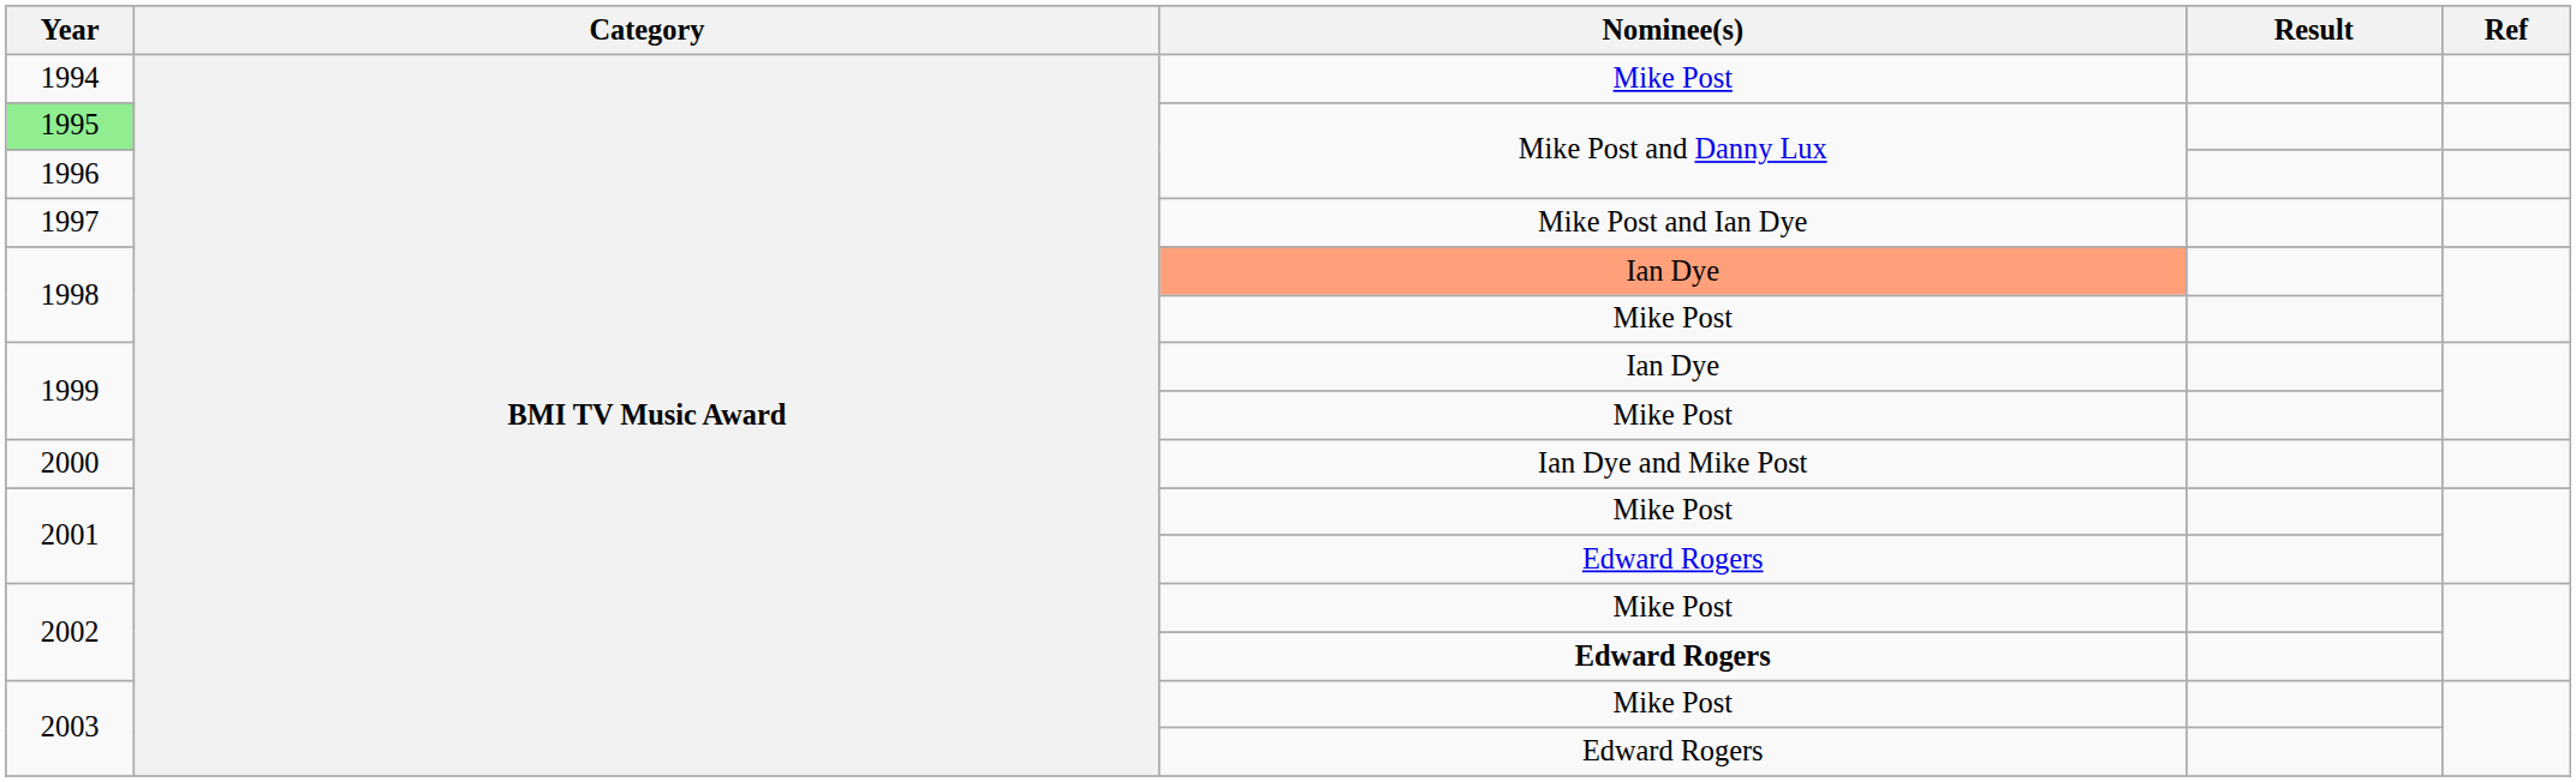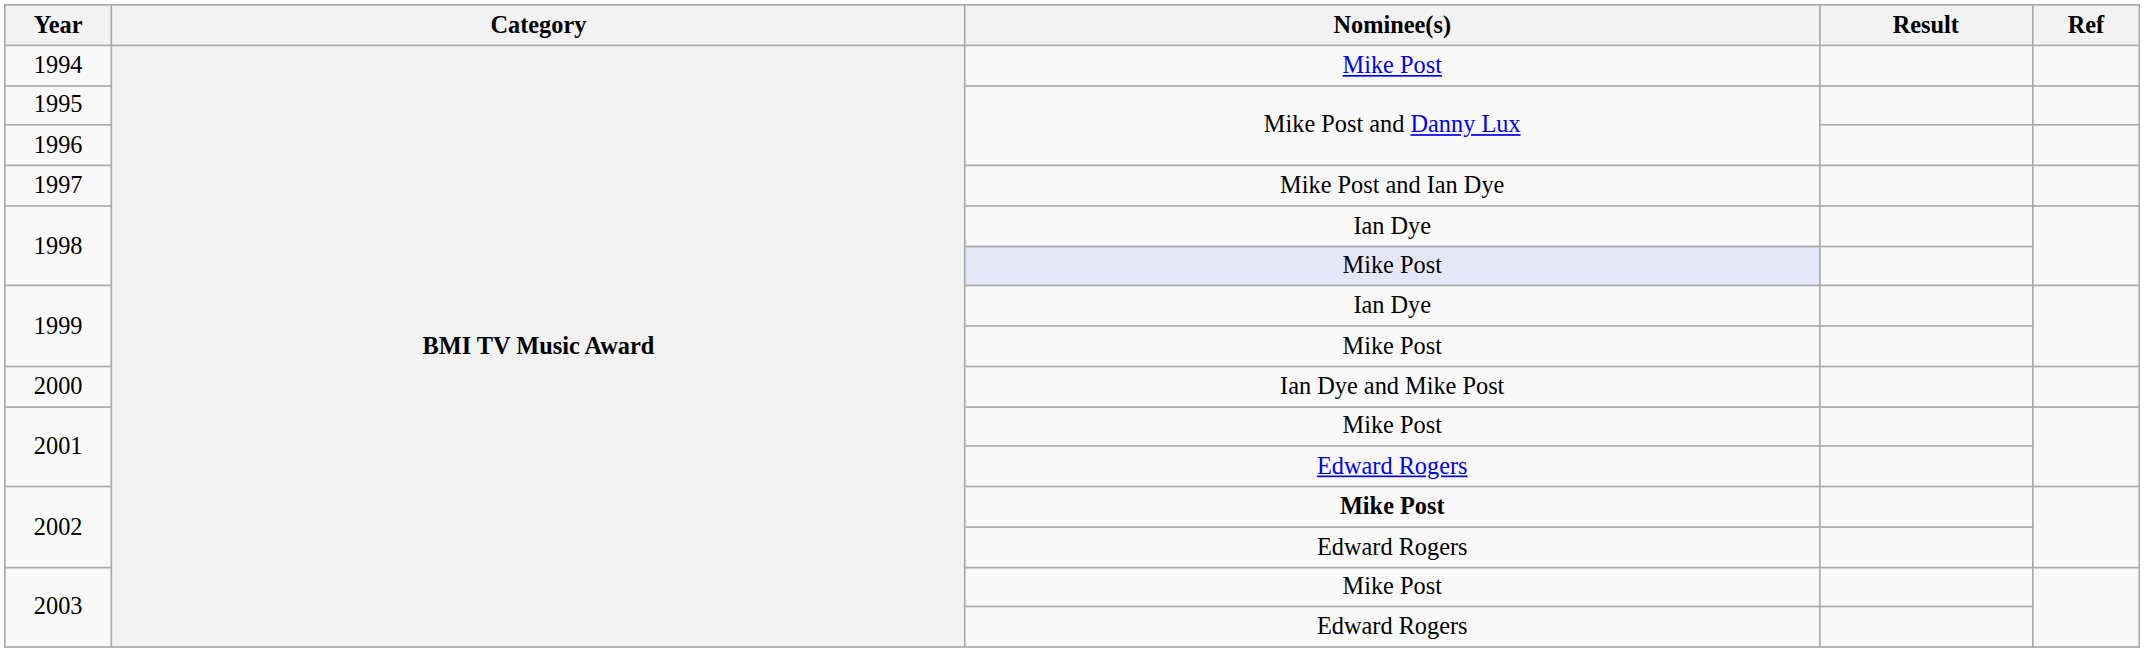 <table class="wikitable plainrowheaders" style="font-size: 90%; text-align:center" width=100%>
 <tr>
 <th scope="col" width="5%">Year</th>
 <th scope="col" width="40%">Category</th>
 <th scope="col" width="40%">Nominee(s)</th>
 <th scope="col" width="10%">Result</th>
 <th scope="col" width="5%">Ref</th>
 </tr>
 <tr>
 <td>1994</td>
 <th scope="row" style="text-align:center" rowspan="15">BMI TV Music Award</th>
 <td><a href='#'>Mike Post</a></td>
 <td></td>
 <td></td>
 </tr>
 <tr>
-<td style="background: lightgreen;">1995</td>
+<td>1995</td>
 <td rowspan="2">Mike Post and <a href='#'>Danny Lux</a></td>
 <td></td>
 <td></td>
 </tr>
 <tr>
 <td>1996</td>
 <td></td>
 <td></td>
 </tr>
 <tr>
 <td>1997</td>
 <td>Mike Post and Ian Dye</td>
 <td></td>
 <td></td>
 </tr>
 <tr>
 <td rowspan="2">1998</td>
-<td style="background: lightsalmon;">Ian Dye</td>
+<td>Ian Dye</td>
 <td></td>
 <td rowspan="2"></td>
 </tr>
 <tr>
-<td>Mike Post</td>
+<td style="background: lavender;">Mike Post</td>
 <td></td>
 </tr>
 <tr>
 <td rowspan="2">1999</td>
 <td>Ian Dye</td>
 <td></td>
 <td rowspan="2"></td>
 </tr>
 <tr>
 <td>Mike Post</td>
 <td></td>
 </tr>
 <tr>
 <td>2000</td>
 <td>Ian Dye and Mike Post</td>
 <td></td>
 <td></td>
 </tr>
 <tr>
 <td rowspan="2">2001</td>
 <td>Mike Post</td>
 <td></td>
 <td rowspan="2"></td>
 </tr>
 <tr>
 <td><a href='#'>Edward Rogers</a></td>
 <td></td>
 </tr>
 <tr>
 <td rowspan="2">2002</td>
-<td>Mike Post</td>
+<td><strong>Mike Post</strong></td>
 <td></td>
 <td rowspan="2"></td>
 </tr>
 <tr>
-<td><strong>Edward Rogers</strong></td>
+<td>Edward Rogers</td>
 <td></td>
 </tr>
 <tr>
 <td rowspan="2">2003</td>
 <td>Mike Post</td>
 <td></td>
 <td rowspan="2"></td>
 </tr>
 <tr>
 <td>Edward Rogers</td>
 <td></td>
 </tr>
 </table>
